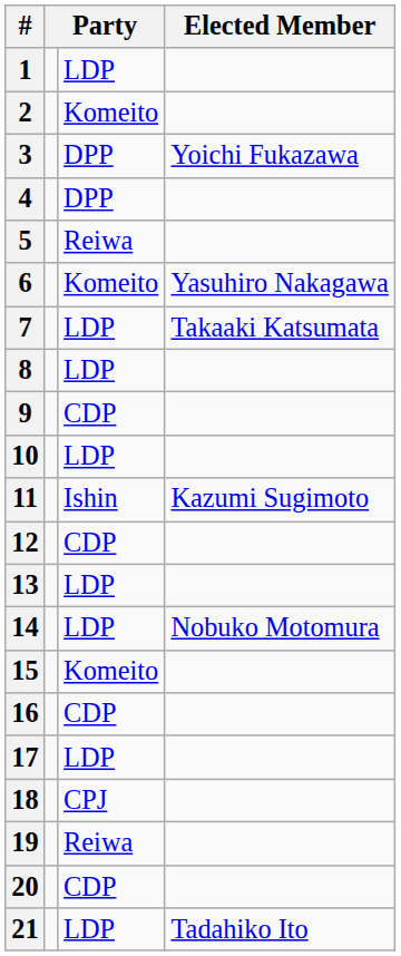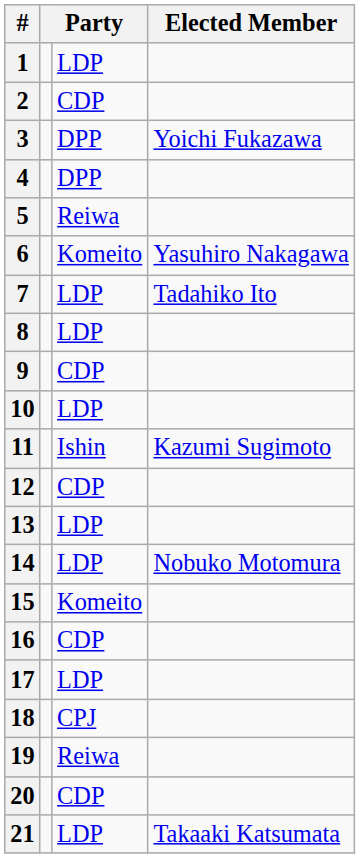 <table class="wikitable">
 <tr>
 <th>#</th>
 <th colspan=2>Party</th>
 <th>Elected Member</th>
 </tr>
 <tr>
 <th>1</th>
 <td style="background:"></td>
 <td><a href='#'>LDP</a></td>
 <td></td>
 </tr>
 <tr>
 <th>2</th>
 <td style="background:"></td>
-<td><a href='#'>Komeito</a></td>
+<td><a href='#'>CDP</a></td>
 <td></td>
 </tr>
 <tr>
 <th>3</th>
 <td style="background:"></td>
 <td><a href='#'>DPP</a></td>
 <td><a href='#'>Yoichi Fukazawa</a></td>
 </tr>
 <tr>
 <th>4</th>
 <td style="background:"></td>
 <td><a href='#'>DPP</a></td>
 <td></td>
 </tr>
 <tr>
 <th>5</th>
 <td style="background:"></td>
 <td><a href='#'>Reiwa</a></td>
 <td></td>
 </tr>
 <tr>
 <th>6</th>
 <td style="background:"></td>
 <td><a href='#'>Komeito</a></td>
 <td><a href='#'>Yasuhiro Nakagawa</a></td>
 </tr>
 <tr>
 <th>7</th>
 <td style="background:"></td>
 <td><a href='#'>LDP</a></td>
-<td><a href='#'>Takaaki Katsumata</a></td>
+<td><a href='#'>Tadahiko Ito</a></td>
 </tr>
 <tr>
 <th>8</th>
 <td style="background:"></td>
 <td><a href='#'>LDP</a></td>
 <td></td>
 </tr>
 <tr>
 <th>9</th>
 <td style="background:"></td>
 <td><a href='#'>CDP</a></td>
 <td></td>
 </tr>
 <tr>
 <th>10</th>
 <td style="background:"></td>
 <td><a href='#'>LDP</a></td>
 <td></td>
 </tr>
 <tr>
 <th>11</th>
 <td style="background:"></td>
 <td><a href='#'>Ishin</a></td>
 <td><a href='#'>Kazumi Sugimoto</a></td>
 </tr>
 <tr>
 <th>12</th>
 <td style="background:"></td>
 <td><a href='#'>CDP</a></td>
 <td></td>
 </tr>
 <tr>
 <th>13</th>
 <td style="background:"></td>
 <td><a href='#'>LDP</a></td>
 <td></td>
 </tr>
 <tr>
 <th>14</th>
 <td style="background:"></td>
 <td><a href='#'>LDP</a></td>
 <td><a href='#'>Nobuko Motomura</a></td>
 </tr>
 <tr>
 <th>15</th>
 <td style="background:"></td>
 <td><a href='#'>Komeito</a></td>
 <td></td>
 </tr>
 <tr>
 <th>16</th>
 <td style="background:"></td>
 <td><a href='#'>CDP</a></td>
 <td></td>
 </tr>
 <tr>
 <th>17</th>
 <td style="background:"></td>
 <td><a href='#'>LDP</a></td>
 <td></td>
 </tr>
 <tr>
 <th>18</th>
 <td style="background:"></td>
 <td><a href='#'>CPJ</a></td>
 <td></td>
 </tr>
 <tr>
 <th>19</th>
 <td style="background:"></td>
 <td><a href='#'>Reiwa</a></td>
 <td></td>
 </tr>
 <tr>
 <th>20</th>
 <td style="background:"></td>
 <td><a href='#'>CDP</a></td>
 <td></td>
 </tr>
 <tr>
 <th>21</th>
 <td style="background:"></td>
 <td><a href='#'>LDP</a></td>
-<td><a href='#'>Tadahiko Ito</a></td>
+<td><a href='#'>Takaaki Katsumata</a></td>
 </tr>
 </table>
